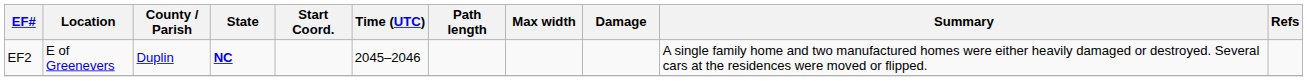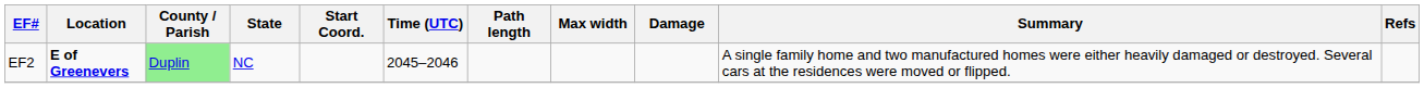 <table class="wikitable sortable" style="width:100%;">
 <tr>
 <th scope="col" width="3%" align="center"><a href='#'>EF#</a></th>
 <th scope="col" width="7%" align="center" class="unsortable">Location</th>
 <th scope="col" width="6%" align="center" class="unsortable">County / Parish</th>
 <th scope="col" width="5%" align="center">State</th>
 <th scope="col" width="6%" align="center">Start Coord.</th>
 <th scope="col" width="6%" align="center">Time (<a href='#'>UTC</a>)</th>
 <th scope="col" width="6%" align="center">Path length</th>
 <th scope="col" width="6%" align="center">Max width</th>
 <th scope="col" width="6%" align="center">Damage</th>
 <th scope="col" width="48%" class="unsortable" align="center">Summary</th>
 <th scope="col" width="48%" class="unsortable" align="center">Refs</th>
 </tr>
 <tr>
 <td>EF2</td>
-<td>E of <a href='#'>Greenevers</a></td>
-<td><a href='#'>Duplin</a></td>
-<td><strong><a href='#'>NC</a></strong></td>
+<td><strong>E of <a href='#'>Greenevers</a></strong></td>
+<td style="background: lightgreen;"><a href='#'>Duplin</a></td>
+<td><a href='#'>NC</a></td>
 <td></td>
 <td>2045–2046</td>
 <td></td>
 <td></td>
 <td></td>
 <td>A single family home and two manufactured homes were either heavily damaged or destroyed. Several cars at the residences were moved or flipped.</td>
 <td></td>
 </tr>
 <tr>
 </tr>
 </table>
